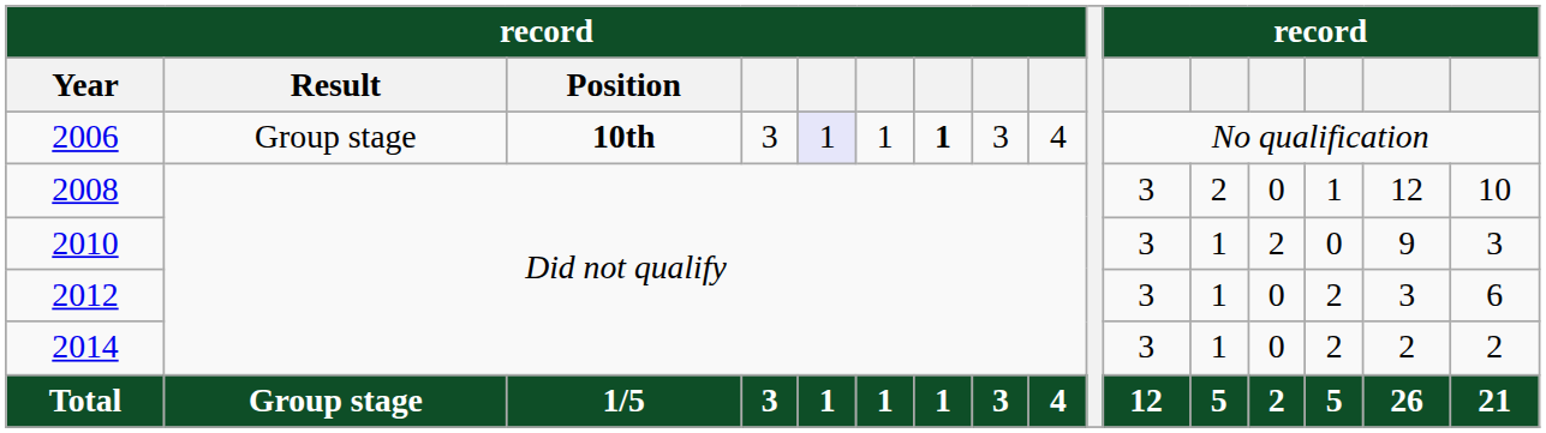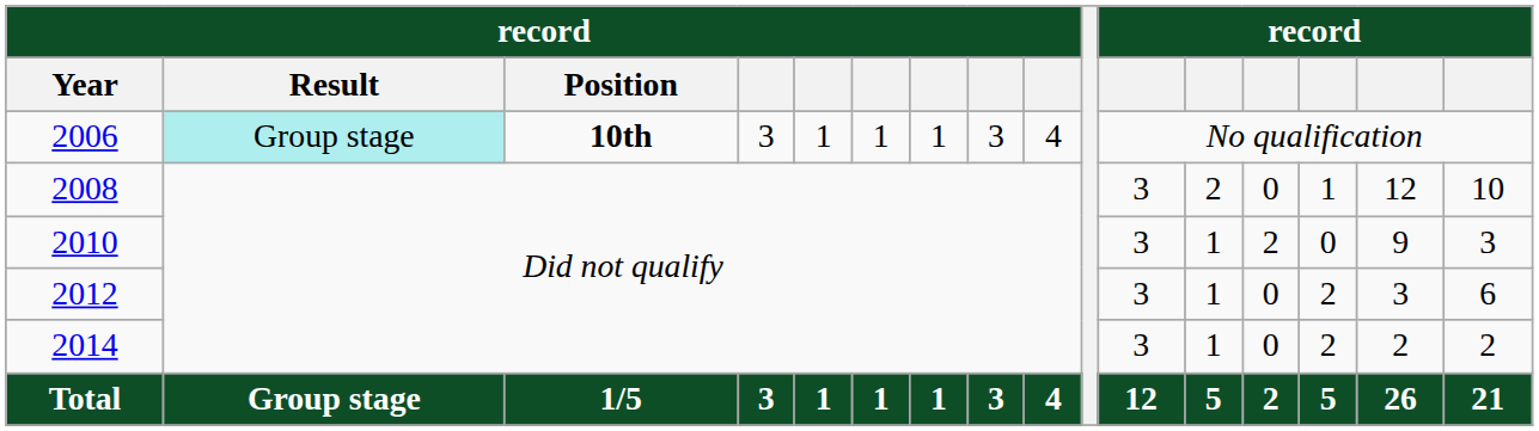 <table class="wikitable" style="text-align: center;">
 <tr>
 <th colspan=9 style="background: #0E4E27; color: #FFFFFF;"><a href='#'></a> record</th>
 <th style="width:1%;" rowspan=21></th>
 <th colspan=6 style="background: #0E4E27; color: #FFFFFF;"> record</th>
 </tr>
 <tr>
 <th>Year</th>
 <th>Result</th>
 <th>Position</th>
 <th></th>
 <th></th>
 <th></th>
 <th></th>
 <th></th>
 <th></th>
 <th></th>
 <th></th>
 <th></th>
 <th></th>
 <th></th>
 <th></th>
 </tr>
 <tr>
 <td> <a href='#'>2006</a></td>
-<td>Group stage</td>
+<td style="background: paleturquoise;">Group stage</td>
 <td><strong>10th</strong></td>
 <td>3</td>
-<td style="background: lavender;">1</td>
 <td>1</td>
-<td><strong>1</strong></td>
+<td>1</td>
+<td>1</td>
 <td>3</td>
 <td>4</td>
 <td colspan=6><em>No qualification</em></td>
 </tr>
 <tr>
 <td> <a href='#'>2008</a></td>
 <td colspan=8 rowspan=4><em>Did not qualify</em></td>
 <td>3</td>
 <td>2</td>
 <td>0</td>
 <td>1</td>
 <td>12</td>
 <td>10</td>
 </tr>
 <tr>
 <td> <a href='#'>2010</a></td>
 <td>3</td>
 <td>1</td>
 <td>2</td>
 <td>0</td>
 <td>9</td>
 <td>3</td>
 </tr>
 <tr>
 <td> <a href='#'>2012</a></td>
 <td>3</td>
 <td>1</td>
 <td>0</td>
 <td>2</td>
 <td>3</td>
 <td>6</td>
 </tr>
 <tr>
 <td> <a href='#'>2014</a></td>
 <td>3</td>
 <td>1</td>
 <td>0</td>
 <td>2</td>
 <td>2</td>
 <td>2</td>
 </tr>
 <tr>
 <td style="background: #0E4E27; color: #FFFFFF;"><strong>Total</strong></td>
 <td style="background: #0E4E27; color: #FFFFFF;"><strong>Group stage</strong></td>
 <td style="background: #0E4E27; color: #FFFFFF;"><strong>1/5</strong></td>
 <td style="background: #0E4E27; color: #FFFFFF;"><strong>3</strong></td>
 <td style="background: #0E4E27; color: #FFFFFF;"><strong>1</strong></td>
 <td style="background: #0E4E27; color: #FFFFFF;"><strong>1</strong></td>
 <td style="background: #0E4E27; color: #FFFFFF;"><strong>1</strong></td>
 <td style="background: #0E4E27; color: #FFFFFF;"><strong>3</strong></td>
 <td style="background: #0E4E27; color: #FFFFFF;"><strong>4</strong></td>
 <td style="background: #0E4E27; color: #FFFFFF;"><strong>12</strong></td>
 <td style="background: #0E4E27; color: #FFFFFF;"><strong>5</strong></td>
 <td style="background: #0E4E27; color: #FFFFFF;"><strong>2</strong></td>
 <td style="background: #0E4E27; color: #FFFFFF;"><strong>5</strong></td>
 <td style="background: #0E4E27; color: #FFFFFF;"><strong>26</strong></td>
 <td style="background: #0E4E27; color: #FFFFFF;"><strong>21</strong></td>
 </tr>
 </table>
